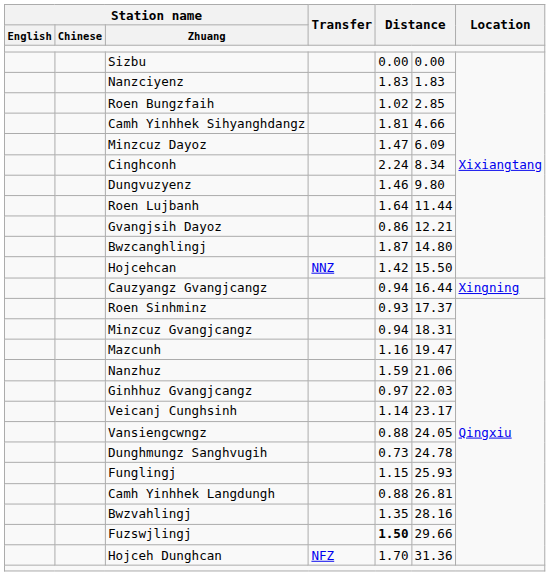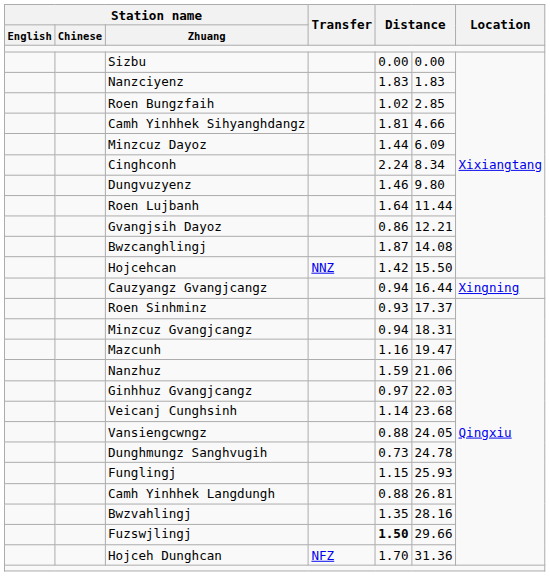 <table class="wikitable">
 <tr>
 <th colspan=3>Station name</th>
 <th rowspan=2>Transfer</th>
 <th colspan="2" rowspan="2">Distance<br></th>
 <th rowspan=2>Location</th>
 </tr>
 <tr>
 <th><small>English</small></th>
 <th><small>Chinese</small></th>
 <th><small>Zhuang</small></th>
 </tr>
 <tr style="background:#">
 <td colspan = "7"></td>
 </tr>
 <tr>
 <td></td>
 <td></td>
 <td>Sizbu</td>
 <td></td>
 <td>0.00</td>
 <td>0.00</td>
 <td rowspan="11"><a href='#'>Xixiangtang</a></td>
 </tr>
 <tr>
 <td></td>
 <td></td>
 <td>Nanzciyenz</td>
 <td></td>
 <td>1.83</td>
 <td>1.83</td>
 </tr>
 <tr>
 <td></td>
 <td></td>
 <td>Roen Bungzfaih</td>
 <td></td>
 <td>1.02</td>
 <td>2.85</td>
 </tr>
 <tr>
 <td></td>
 <td></td>
 <td>Camh Yinhhek Sihyanghdangz</td>
 <td></td>
 <td>1.81</td>
 <td>4.66</td>
 </tr>
 <tr>
 <td></td>
 <td></td>
 <td>Minzcuz Dayoz</td>
 <td></td>
-<td>1.47</td>
+<td>1.44</td>
 <td>6.09</td>
 </tr>
 <tr>
 <td></td>
 <td></td>
 <td>Cinghconh</td>
 <td></td>
 <td>2.24</td>
 <td>8.34</td>
 </tr>
 <tr>
 <td></td>
 <td></td>
 <td>Dungvuzyenz</td>
 <td></td>
 <td>1.46</td>
 <td>9.80</td>
 </tr>
 <tr>
 <td></td>
 <td></td>
 <td>Roen Lujbanh</td>
 <td></td>
 <td>1.64</td>
 <td>11.44</td>
 </tr>
 <tr>
 <td></td>
 <td></td>
 <td>Gvangjsih Dayoz</td>
 <td></td>
 <td>0.86</td>
 <td>12.21</td>
 </tr>
 <tr>
 <td></td>
 <td></td>
 <td>Bwzcanghlingj</td>
 <td></td>
 <td>1.87</td>
-<td>14.80</td>
+<td>14.08</td>
 </tr>
 <tr>
 <td></td>
 <td></td>
 <td>Hojcehcan</td>
 <td>  <a href='#'>NNZ</a></td>
 <td>1.42</td>
 <td>15.50</td>
 </tr>
 <tr>
 <td></td>
 <td></td>
 <td>Cauzyangz Gvangjcangz</td>
 <td></td>
 <td>0.94</td>
 <td>16.44</td>
 <td><a href='#'>Xingning</a></td>
 </tr>
 <tr>
 <td></td>
 <td></td>
 <td>Roen Sinhminz</td>
 <td></td>
 <td>0.93</td>
 <td>17.37</td>
 <td rowspan="13"><a href='#'>Qingxiu</a></td>
 </tr>
 <tr>
 <td></td>
 <td></td>
 <td>Minzcuz Gvangjcangz</td>
 <td></td>
 <td>0.94</td>
 <td>18.31</td>
 </tr>
 <tr>
 <td></td>
 <td></td>
 <td>Mazcunh</td>
 <td></td>
 <td>1.16</td>
 <td>19.47</td>
 </tr>
 <tr>
 <td></td>
 <td></td>
 <td>Nanzhuz</td>
 <td></td>
 <td>1.59</td>
 <td>21.06</td>
 </tr>
 <tr>
 <td></td>
 <td></td>
 <td>Ginhhuz Gvangjcangz</td>
 <td></td>
 <td>0.97</td>
 <td>22.03</td>
 </tr>
 <tr>
 <td></td>
 <td></td>
 <td>Veicanj Cunghsinh</td>
 <td></td>
 <td>1.14</td>
-<td>23.17</td>
+<td>23.68</td>
 </tr>
 <tr>
 <td></td>
 <td></td>
 <td>Vansiengcwngz</td>
 <td></td>
 <td>0.88</td>
 <td>24.05</td>
 </tr>
 <tr>
 <td></td>
 <td></td>
 <td>Dunghmungz Sanghvugih</td>
 <td></td>
 <td>0.73</td>
 <td>24.78</td>
 </tr>
 <tr>
 <td></td>
 <td></td>
 <td>Funglingj</td>
 <td></td>
 <td>1.15</td>
 <td>25.93</td>
 </tr>
 <tr>
 <td></td>
 <td></td>
 <td>Camh Yinhhek Langdungh</td>
 <td></td>
 <td>0.88</td>
 <td>26.81</td>
 </tr>
 <tr>
 <td></td>
 <td></td>
 <td>Bwzvahlingj</td>
 <td></td>
 <td>1.35</td>
 <td>28.16</td>
 </tr>
 <tr>
 <td></td>
 <td></td>
 <td>Fuzswjlingj</td>
 <td></td>
 <td><strong>1.50</strong></td>
 <td>29.66</td>
 </tr>
 <tr>
 <td></td>
 <td></td>
 <td>Hojceh Dunghcan</td>
 <td> <a href='#'>NFZ</a></td>
 <td>1.70</td>
 <td>31.36</td>
 </tr>
 <tr style="background:#">
 <td colspan = "7"></td>
 </tr>
 </table>
